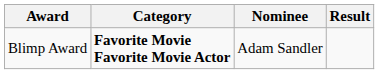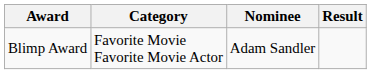 <table class="wikitable sortable">
 <tr>
 <th>Award</th>
 <th>Category</th>
 <th>Nominee</th>
 <th>Result</th>
 </tr>
 <tr>
 <td rowspan="2">Blimp Award</td>
-<td><strong>Favorite Movie <br>Favorite Movie Actor</strong></td>
+<td>Favorite Movie <br>Favorite Movie Actor</td>
 <td>Adam Sandler</td>
 <td></td>
 </tr>
 </table>
